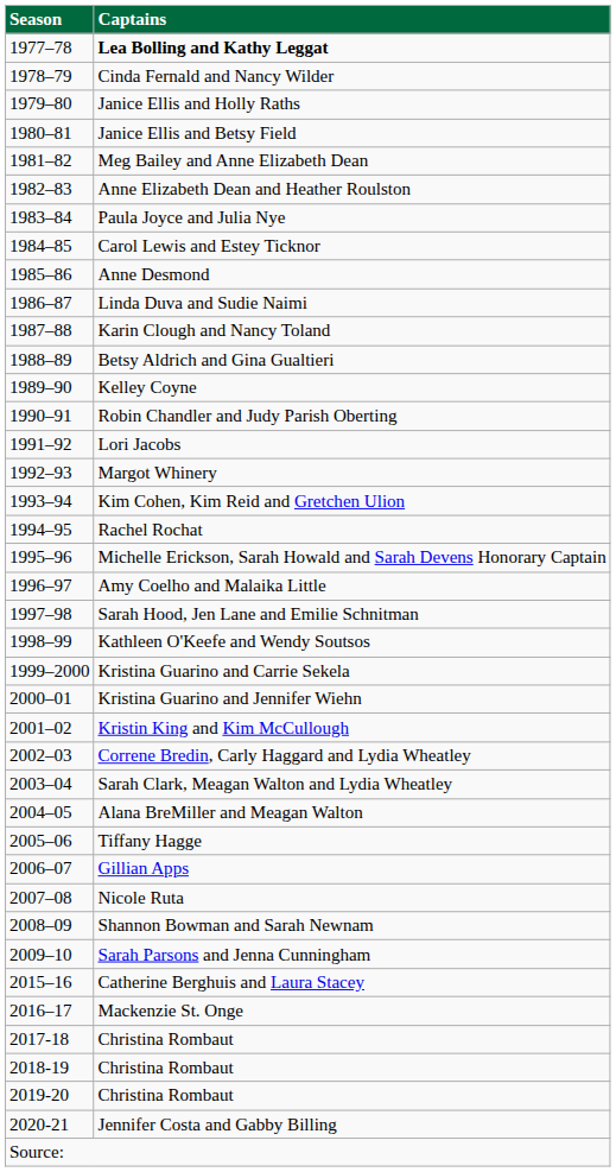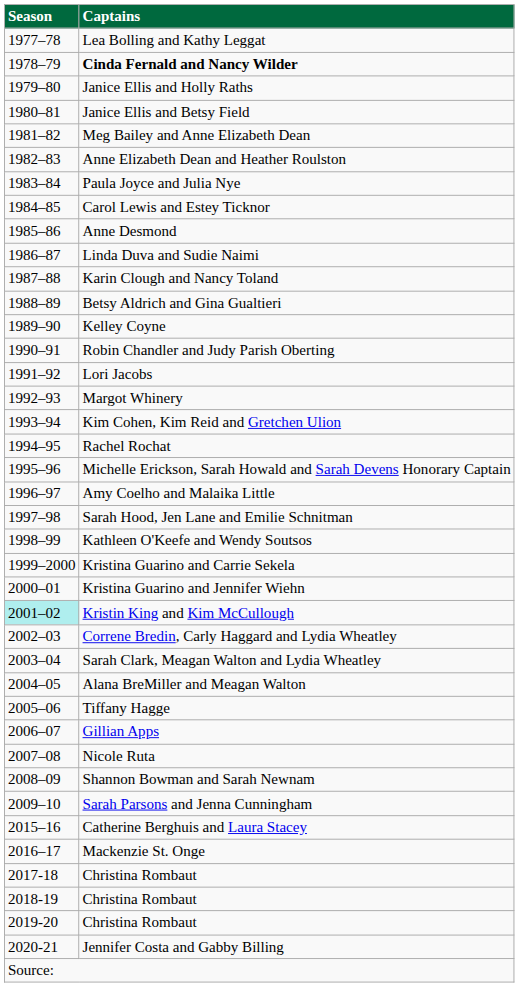 <table class="wikitable">
 <tr style="background:#00693e; color:white;">
 <td><strong>Season</strong></td>
 <td><strong>Captains</strong></td>
 </tr>
 <tr>
 <td>1977–78</td>
-<td><strong>Lea Bolling and Kathy Leggat</strong></td>
+<td>Lea Bolling and Kathy Leggat</td>
 </tr>
 <tr>
 <td>1978–79</td>
-<td>Cinda Fernald and Nancy Wilder</td>
+<td><strong>Cinda Fernald and Nancy Wilder</strong></td>
 </tr>
 <tr>
 <td>1979–80</td>
 <td>Janice Ellis and Holly Raths</td>
 </tr>
 <tr>
 <td>1980–81</td>
 <td>Janice Ellis and Betsy Field</td>
 </tr>
 <tr>
 <td>1981–82</td>
 <td>Meg Bailey and Anne Elizabeth Dean</td>
 </tr>
 <tr>
 <td>1982–83</td>
 <td>Anne Elizabeth Dean and Heather Roulston</td>
 </tr>
 <tr>
 <td>1983–84</td>
 <td>Paula Joyce and Julia Nye</td>
 </tr>
 <tr>
 <td>1984–85</td>
 <td>Carol Lewis and Estey Ticknor</td>
 </tr>
 <tr>
 <td>1985–86</td>
 <td>Anne Desmond</td>
 </tr>
 <tr>
 <td>1986–87</td>
 <td>Linda Duva and Sudie Naimi</td>
 </tr>
 <tr>
 <td>1987–88</td>
 <td>Karin Clough and Nancy Toland</td>
 </tr>
 <tr>
 <td>1988–89</td>
 <td>Betsy Aldrich and Gina Gualtieri</td>
 </tr>
 <tr>
 <td>1989–90</td>
 <td>Kelley Coyne</td>
 </tr>
 <tr>
 <td>1990–91</td>
 <td>Robin Chandler and Judy Parish Oberting</td>
 </tr>
 <tr>
 <td>1991–92</td>
 <td>Lori Jacobs</td>
 </tr>
 <tr>
 <td>1992–93</td>
 <td>Margot Whinery</td>
 </tr>
 <tr>
 <td>1993–94</td>
 <td>Kim Cohen, Kim Reid and <a href='#'>Gretchen Ulion</a></td>
 </tr>
 <tr>
 <td>1994–95</td>
 <td>Rachel Rochat</td>
 </tr>
 <tr>
 <td>1995–96</td>
 <td>Michelle Erickson, Sarah Howald and <a href='#'>Sarah Devens</a> Honorary Captain</td>
 </tr>
 <tr>
 <td>1996–97</td>
 <td>Amy Coelho and Malaika Little</td>
 </tr>
 <tr>
 <td>1997–98</td>
 <td>Sarah Hood, Jen Lane and Emilie Schnitman</td>
 </tr>
 <tr>
 <td>1998–99</td>
 <td>Kathleen O'Keefe and Wendy Soutsos</td>
 </tr>
 <tr>
 <td>1999–2000</td>
 <td>Kristina Guarino and Carrie Sekela</td>
 </tr>
 <tr>
 <td>2000–01</td>
 <td>Kristina Guarino and Jennifer Wiehn</td>
 </tr>
 <tr>
-<td>2001–02</td>
+<td style="background: paleturquoise;">2001–02</td>
 <td><a href='#'>Kristin King</a> and <a href='#'>Kim McCullough</a></td>
 </tr>
 <tr>
 <td>2002–03</td>
 <td><a href='#'>Correne Bredin</a>, Carly Haggard and Lydia Wheatley</td>
 </tr>
 <tr>
 <td>2003–04</td>
 <td>Sarah Clark, Meagan Walton and Lydia Wheatley</td>
 </tr>
 <tr>
 <td>2004–05</td>
 <td>Alana BreMiller and Meagan Walton</td>
 </tr>
 <tr>
 <td>2005–06</td>
 <td>Tiffany Hagge</td>
 </tr>
 <tr>
 <td>2006–07</td>
 <td><a href='#'>Gillian Apps</a></td>
 </tr>
 <tr>
 <td>2007–08</td>
 <td>Nicole Ruta</td>
 </tr>
 <tr>
 <td>2008–09</td>
 <td>Shannon Bowman and Sarah Newnam</td>
 </tr>
 <tr>
 <td>2009–10</td>
 <td><a href='#'>Sarah Parsons</a> and Jenna Cunningham</td>
 </tr>
 <tr>
 <td>2015–16</td>
 <td>Catherine Berghuis and <a href='#'>Laura Stacey</a></td>
 </tr>
 <tr>
 <td>2016–17</td>
 <td>Mackenzie St. Onge</td>
 </tr>
 <tr>
 <td>2017-18</td>
 <td>Christina Rombaut</td>
 </tr>
 <tr>
 <td>2018-19</td>
 <td>Christina Rombaut</td>
 </tr>
 <tr>
 <td>2019-20</td>
 <td>Christina Rombaut</td>
 </tr>
 <tr>
 <td>2020-21</td>
 <td>Jennifer Costa and Gabby Billing</td>
 </tr>
 <tr>
 <td colspan=2>Source:</td>
 </tr>
 </table>
